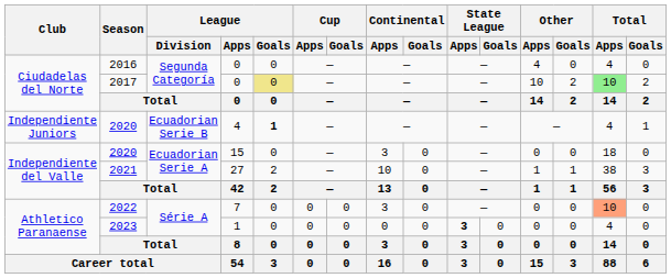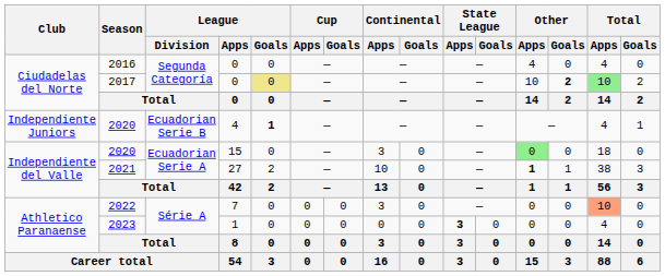 <table class="wikitable" style="text-align: center;">
 <tr>
 <th rowspan="2">Club</th>
 <th rowspan="2">Season</th>
 <th colspan="3">League</th>
 <th colspan="2">Cup</th>
 <th colspan="2">Continental</th>
 <th colspan="2">State League</th>
 <th colspan="2">Other</th>
 <th colspan="2">Total</th>
 </tr>
 <tr>
 <th>Division</th>
 <th>Apps</th>
 <th>Goals</th>
 <th>Apps</th>
 <th>Goals</th>
 <th>Apps</th>
 <th>Goals</th>
 <th>Apps</th>
 <th>Goals</th>
 <th>Apps</th>
 <th>Goals</th>
 <th>Apps</th>
 <th>Goals</th>
 </tr>
 <tr>
 <td rowspan="3"><a href='#'>Ciudadelas del Norte</a></td>
 <td>2016</td>
 <td rowspan="2"><a href='#'>Segunda Categoría</a></td>
 <td>0</td>
 <td>0</td>
 <td colspan="2">—</td>
 <td colspan="2">—</td>
 <td colspan="2">—</td>
 <td>4</td>
 <td>0</td>
 <td>4</td>
 <td>0</td>
 </tr>
 <tr>
 <td>2017</td>
 <td>0</td>
 <td style="background: khaki;">0</td>
 <td colspan="2">—</td>
 <td colspan="2">—</td>
 <td colspan="2">—</td>
 <td>10</td>
-<td>2</td>
+<td><strong>2</strong></td>
 <td style="background: lightgreen;">10</td>
 <td>2</td>
 </tr>
 <tr>
 <th colspan="2">Total</th>
 <th>0</th>
 <th>0</th>
 <th colspan="2">—</th>
 <th colspan="2">—</th>
 <th colspan="2">—</th>
 <th>14</th>
 <th>2</th>
 <th>14</th>
 <th>2</th>
 </tr>
 <tr>
 <td><a href='#'>Independiente Juniors</a></td>
 <td><a href='#'>2020</a></td>
 <td><a href='#'>Ecuadorian Serie B</a></td>
 <td>4</td>
 <td><strong>1</strong></td>
 <td colspan="2">—</td>
 <td colspan="2">—</td>
 <td colspan="2">—</td>
 <td colspan="2">—</td>
 <td>4</td>
 <td>1</td>
 </tr>
 <tr>
 <td rowspan="3"><a href='#'>Independiente del Valle</a></td>
 <td><a href='#'>2020</a></td>
 <td rowspan="2"><a href='#'>Ecuadorian Serie A</a></td>
 <td>15</td>
 <td>0</td>
 <td colspan="2">—</td>
 <td>3</td>
 <td>0</td>
 <td colspan="2">—</td>
-<td>0</td>
+<td style="background: lightgreen;">0</td>
 <td>0</td>
 <td>18</td>
 <td>0</td>
 </tr>
 <tr>
 <td><a href='#'>2021</a></td>
 <td>27</td>
 <td>2</td>
 <td colspan="2">—</td>
 <td>10</td>
 <td>0</td>
 <td colspan="2">—</td>
-<td>1</td>
+<td><strong>1</strong></td>
 <td>1</td>
 <td>38</td>
 <td>3</td>
 </tr>
 <tr>
 <th colspan="2">Total</th>
 <th>42</th>
 <th>2</th>
 <th colspan="2">—</th>
 <th>13</th>
 <th>0</th>
 <th colspan="2">—</th>
 <th>1</th>
 <th>1</th>
 <th>56</th>
 <th>3</th>
 </tr>
 <tr>
 <td rowspan="3"><a href='#'>Athletico Paranaense</a></td>
 <td><a href='#'>2022</a></td>
 <td rowspan="2"><a href='#'>Série A</a></td>
 <td>7</td>
 <td>0</td>
 <td>0</td>
 <td>0</td>
 <td>3</td>
 <td>0</td>
 <td colspan="2">—</td>
 <td>0</td>
 <td>0</td>
 <td style="background: lightsalmon;">10</td>
 <td>0</td>
 </tr>
 <tr>
 <td><a href='#'>2023</a></td>
 <td>1</td>
 <td>0</td>
 <td>0</td>
 <td>0</td>
 <td>0</td>
 <td>0</td>
 <td><strong>3</strong></td>
 <td>0</td>
 <td>0</td>
 <td>0</td>
 <td>4</td>
 <td>0</td>
 </tr>
 <tr>
 <th colspan="2">Total</th>
 <th>8</th>
 <th>0</th>
 <th>0</th>
 <th>0</th>
 <th>3</th>
 <th>0</th>
 <th>3</th>
 <th>0</th>
 <th>0</th>
 <th>0</th>
 <th>14</th>
 <th>0</th>
 </tr>
 <tr>
 <th colspan="3">Career total</th>
 <th>54</th>
 <th>3</th>
 <th>0</th>
 <th>0</th>
 <th>16</th>
 <th>0</th>
 <th>3</th>
 <th>0</th>
 <th>15</th>
 <th>3</th>
 <th>88</th>
 <th>6</th>
 </tr>
 </table>
